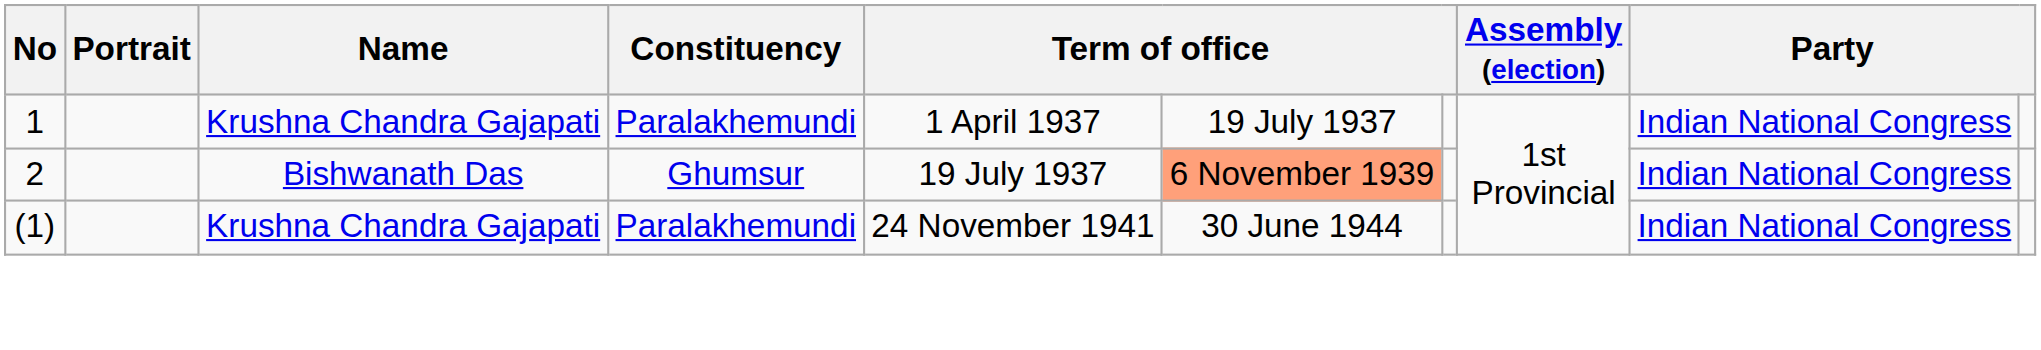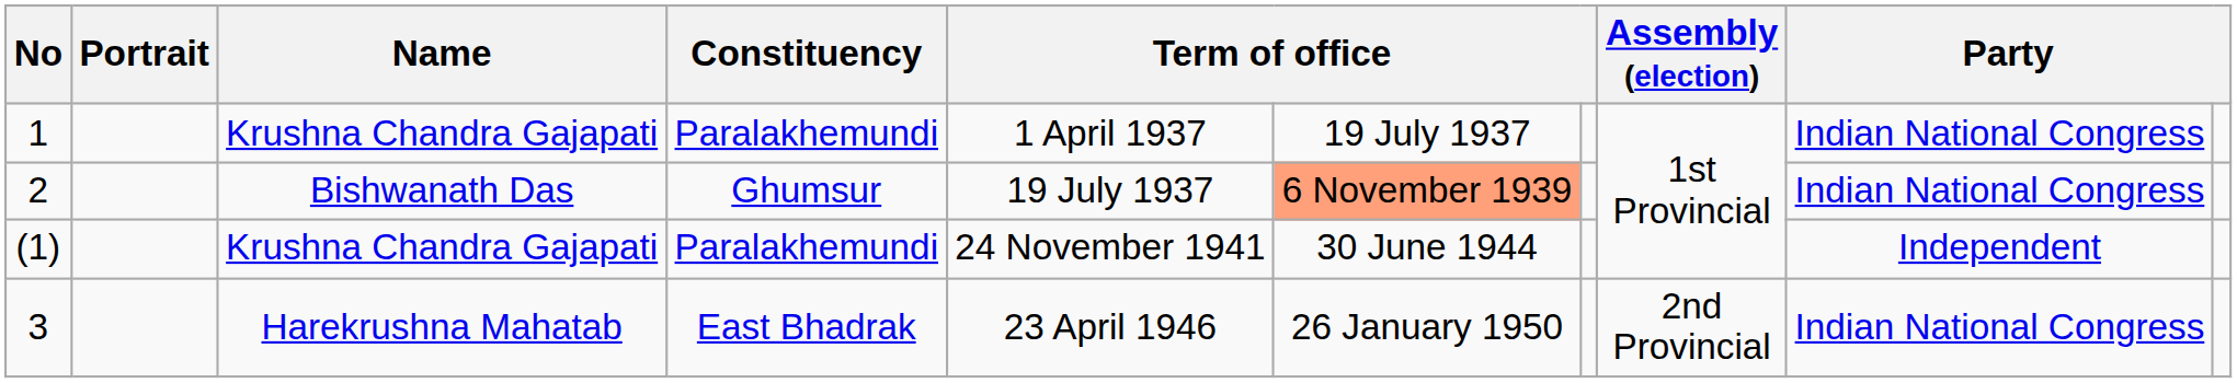 <table class="wikitable">
 <tr>
 <th>No</th>
 <th>Portrait</th>
 <th>Name</th>
 <th>Constituency</th>
 <th colspan="3">Term of office</th>
 <th><a href='#'>Assembly</a><br><small>(<a href='#'>election</a>)</small></th>
 <th colspan="2">Party</th>
 </tr>
 <tr align=center>
 <td>1</td>
 <td></td>
 <td><a href='#'>Krushna Chandra Gajapati</a></td>
 <td><a href='#'>Paralakhemundi</a></td>
 <td>1 April 1937</td>
 <td>19 July 1937</td>
 <td></td>
 <td rowspan="3">1st<br>Provincial<br></td>
 <td><a href='#'>Indian National Congress</a></td>
 <td style="background-color: "></td>
 </tr>
 <tr align=center>
 <td>2</td>
 <td></td>
 <td><a href='#'>Bishwanath Das</a></td>
 <td><a href='#'>Ghumsur</a></td>
 <td>19 July 1937</td>
 <td style="background: lightsalmon;">6 November 1939</td>
 <td></td>
 <td><a href='#'>Indian National Congress</a></td>
 <td style="background-color: "></td>
 </tr>
 <tr align=center>
 <td>(1)</td>
 <td></td>
 <td><a href='#'>Krushna Chandra Gajapati</a></td>
 <td><a href='#'>Paralakhemundi</a></td>
 <td>24 November 1941</td>
 <td>30 June 1944</td>
 <td></td>
-<td><a href='#'>Indian National Congress</a></td>
+<td><a href='#'>Independent</a></td>
 <td style="background-color: "></td>
 </tr>
+<tr align=center>
+<td>3</td>
+<td></td>
+<td><a href='#'>Harekrushna Mahatab</a></td>
+<td><a href='#'>East Bhadrak</a></td>
+<td>23 April 1946</td>
+<td>26 January 1950</td>
+<td></td>
+<td>2nd<br>Provincial<br></td>
+<td><a href='#'>Indian National Congress</a></td>
+<td></td>
+</tr>
 </table>
